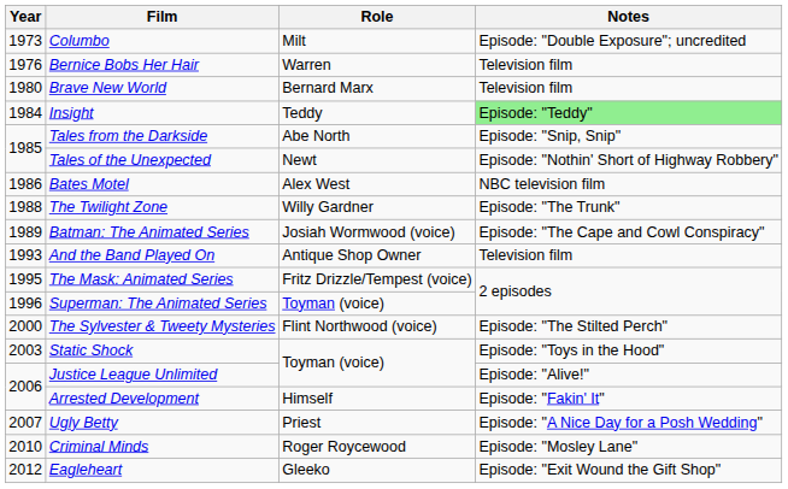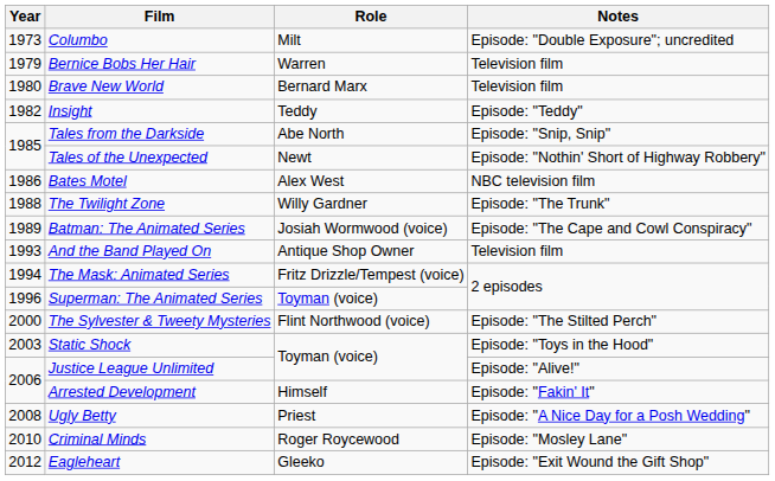 <table class="wikitable sortable">
 <tr>
 <th>Year</th>
 <th>Film</th>
 <th>Role</th>
 <th>Notes</th>
 </tr>
 <tr>
 <td>1973</td>
 <td><em><a href='#'>Columbo</a></em></td>
 <td>Milt</td>
 <td>Episode: "Double Exposure"; uncredited</td>
 </tr>
 <tr>
-<td>1976</td>
+<td>1979</td>
 <td><em><a href='#'>Bernice Bobs Her Hair</a></em></td>
 <td>Warren</td>
 <td>Television film</td>
 </tr>
 <tr>
 <td>1980</td>
 <td><em><a href='#'>Brave New World</a></em></td>
 <td>Bernard Marx</td>
 <td>Television film</td>
 </tr>
 <tr>
-<td>1984</td>
+<td>1982</td>
 <td><em><a href='#'>Insight</a></em></td>
 <td>Teddy</td>
-<td style="background: lightgreen;">Episode: "Teddy"</td>
+<td>Episode: "Teddy"</td>
 </tr>
 <tr>
 <td rowspan="2">1985</td>
 <td><em><a href='#'>Tales from the Darkside</a></em></td>
 <td>Abe North</td>
 <td>Episode: "Snip, Snip"</td>
 </tr>
 <tr>
 <td><a href='#'><em>Tales of the Unexpected</em></a></td>
 <td>Newt</td>
 <td>Episode: "Nothin' Short of Highway Robbery"</td>
 </tr>
 <tr>
 <td>1986</td>
 <td><em><a href='#'>Bates Motel</a></em></td>
 <td>Alex West</td>
 <td>NBC television film</td>
 </tr>
 <tr>
 <td>1988</td>
 <td><em><a href='#'>The Twilight Zone</a></em></td>
 <td>Willy Gardner</td>
 <td>Episode: "The Trunk"</td>
 </tr>
 <tr>
 <td>1989</td>
 <td><em><a href='#'>Batman: The Animated Series</a></em></td>
 <td>Josiah Wormwood (voice)</td>
 <td>Episode: "The Cape and Cowl Conspiracy"</td>
 </tr>
 <tr>
 <td>1993</td>
 <td><em><a href='#'>And the Band Played On</a></em></td>
 <td>Antique Shop Owner</td>
 <td>Television film</td>
 </tr>
 <tr>
-<td>1995</td>
+<td>1994</td>
 <td><em><a href='#'>The Mask: Animated Series</a></em></td>
 <td>Fritz Drizzle/Tempest (voice)</td>
 <td rowspan="2">2 episodes</td>
 </tr>
 <tr>
 <td>1996</td>
 <td><em><a href='#'>Superman: The Animated Series</a></em></td>
 <td><a href='#'>Toyman</a> (voice)</td>
 </tr>
 <tr>
 <td>2000</td>
 <td><em><a href='#'>The Sylvester & Tweety Mysteries</a></em></td>
 <td>Flint Northwood (voice)</td>
 <td>Episode: "The Stilted Perch"</td>
 </tr>
 <tr>
 <td>2003</td>
 <td><em><a href='#'>Static Shock</a></em></td>
 <td rowspan="2">Toyman (voice)</td>
 <td>Episode: "Toys in the Hood"</td>
 </tr>
 <tr>
 <td rowspan="2">2006</td>
 <td><em><a href='#'>Justice League Unlimited</a></em></td>
 <td>Episode: "Alive!"</td>
 </tr>
 <tr>
 <td><em><a href='#'>Arrested Development</a></em></td>
 <td>Himself</td>
 <td>Episode: "<a href='#'>Fakin' It</a>"</td>
 </tr>
 <tr>
-<td>2007</td>
+<td>2008</td>
 <td><em><a href='#'>Ugly Betty</a></em></td>
 <td>Priest</td>
 <td>Episode: "<a href='#'>A Nice Day for a Posh Wedding</a>"</td>
 </tr>
 <tr>
 <td>2010</td>
 <td><em><a href='#'>Criminal Minds</a></em></td>
 <td>Roger Roycewood</td>
 <td>Episode: "Mosley Lane"</td>
 </tr>
 <tr>
 <td>2012</td>
 <td><em><a href='#'>Eagleheart</a></em></td>
 <td>Gleeko</td>
 <td>Episode: "Exit Wound the Gift Shop"</td>
 </tr>
 </table>
